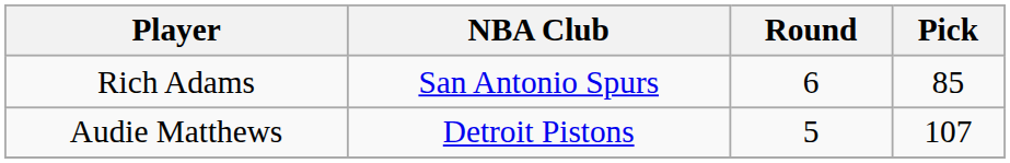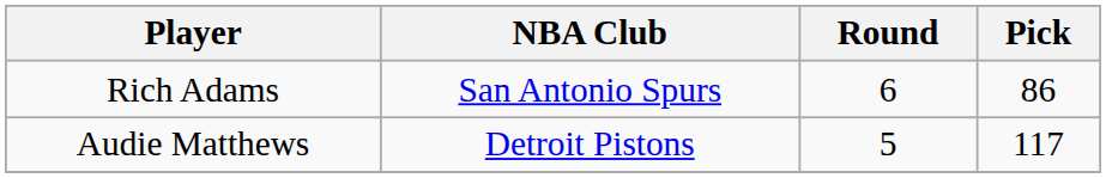 <table class="wikitable" width="500">
 <tr>
 <th>Player</th>
 <th>NBA Club</th>
 <th>Round</th>
 <th>Pick</th>
 </tr>
 <tr align="center" bgcolor="">
 <td>Rich Adams</td>
 <td><a href='#'>San Antonio Spurs</a></td>
 <td>6</td>
-<td>85</td>
+<td>86</td>
 </tr>
 <tr align="center" bgcolor="">
 <td>Audie Matthews</td>
 <td><a href='#'>Detroit Pistons</a></td>
 <td>5</td>
-<td>107</td>
+<td>117</td>
 </tr>
 <tr align="center" bgcolor="">
 </tr>
 </table>
